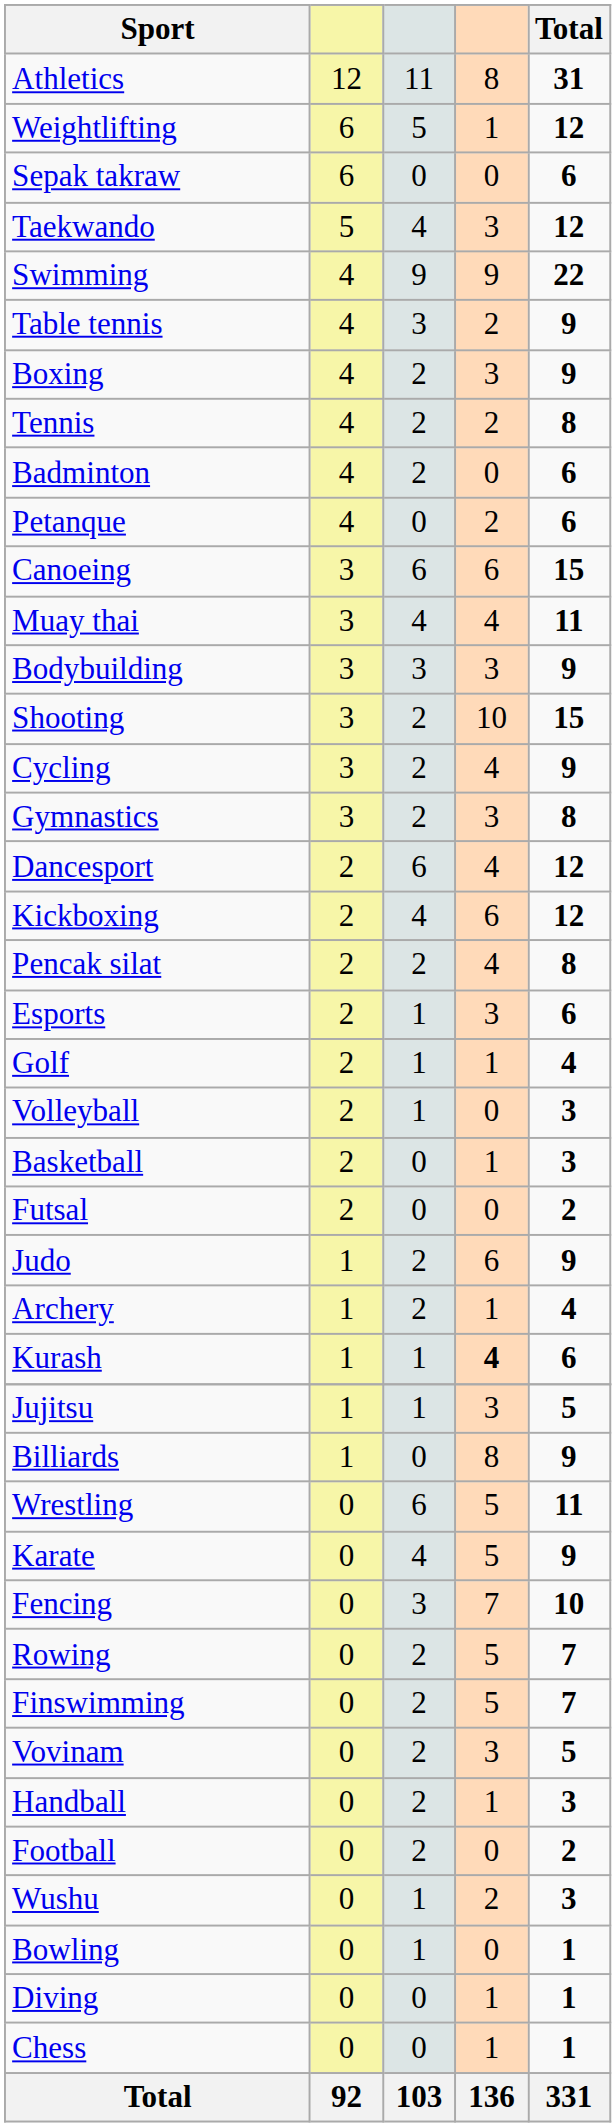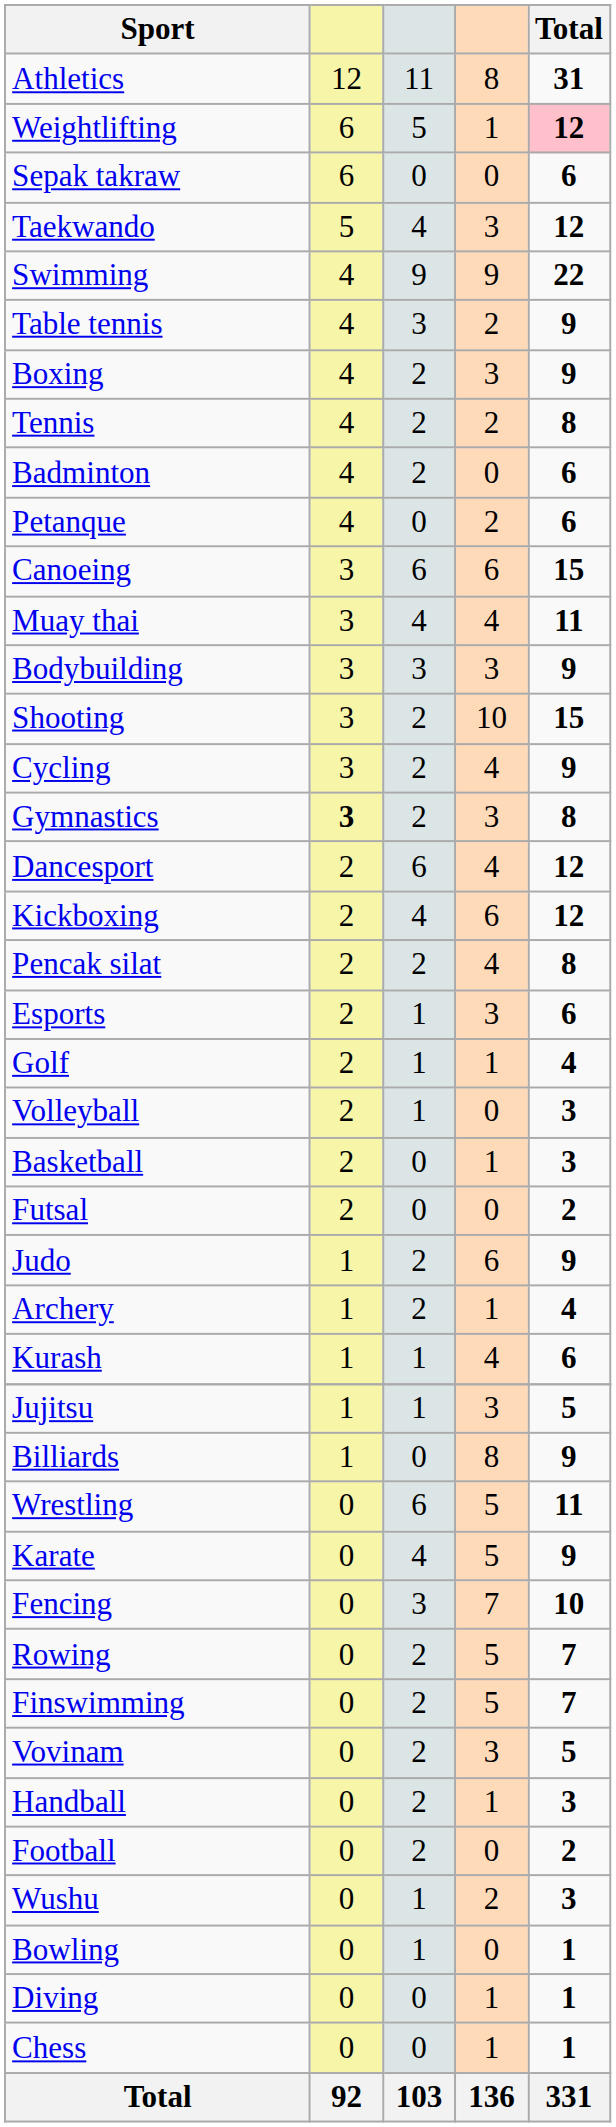 <table class="wikitable sortable" style="font-size:100%; text-align:center;">
 <tr>
 <th width=150>Sport</th>
 <th scope="col" width=30 style="background:#F7F6A8;"></th>
 <th scope="col" width=30 style="background:#DCE5E5;"></th>
 <th scope="col" width=30 style="background:#FFDAB9;"></th>
 <th width=30>Total</th>
 </tr>
 <tr>
 <td align=left> <a href='#'>Athletics</a></td>
 <td style="background:#F7F6A8;">12</td>
 <td style="background:#DCE5E5;">11</td>
 <td style="background:#FFDAB9;">8</td>
 <td><strong>31</strong></td>
 </tr>
 <tr>
 <td align=left> <a href='#'>Weightlifting</a></td>
 <td style="background:#F7F6A8;">6</td>
 <td style="background:#DCE5E5;">5</td>
 <td style="background:#FFDAB9;">1</td>
-<td><strong>12</strong></td>
+<td style="background: pink;"><strong>12</strong></td>
 </tr>
 <tr>
 <td align=left> <a href='#'>Sepak takraw</a></td>
 <td style="background:#F7F6A8;">6</td>
 <td style="background:#DCE5E5;">0</td>
 <td style="background:#FFDAB9;">0</td>
 <td><strong>6</strong></td>
 </tr>
 <tr>
 <td align=left> <a href='#'>Taekwando</a></td>
 <td style="background:#F7F6A8;">5</td>
 <td style="background:#DCE5E5;">4</td>
 <td style="background:#FFDAB9;">3</td>
 <td><strong>12</strong></td>
 </tr>
 <tr>
 <td align=left> <a href='#'>Swimming</a></td>
 <td style="background:#F7F6A8;">4</td>
 <td style="background:#DCE5E5;">9</td>
 <td style="background:#FFDAB9;">9</td>
 <td><strong>22</strong></td>
 </tr>
 <tr>
 <td align=left> <a href='#'>Table tennis</a></td>
 <td style="background:#F7F6A8;">4</td>
 <td style="background:#DCE5E5;">3</td>
 <td style="background:#FFDAB9;">2</td>
 <td><strong>9</strong></td>
 </tr>
 <tr>
 <td align=left> <a href='#'>Boxing</a></td>
 <td style="background:#F7F6A8;">4</td>
 <td style="background:#DCE5E5;">2</td>
 <td style="background:#FFDAB9;">3</td>
 <td><strong>9</strong></td>
 </tr>
 <tr>
 <td align=left> <a href='#'>Tennis</a></td>
 <td style="background:#F7F6A8;">4</td>
 <td style="background:#DCE5E5;">2</td>
 <td style="background:#FFDAB9;">2</td>
 <td><strong>8</strong></td>
 </tr>
 <tr>
 <td align=left> <a href='#'>Badminton</a></td>
 <td style="background:#F7F6A8;">4</td>
 <td style="background:#DCE5E5;">2</td>
 <td style="background:#FFDAB9;">0</td>
 <td><strong>6</strong></td>
 </tr>
 <tr>
 <td align=left> <a href='#'>Petanque</a></td>
 <td style="background:#F7F6A8;">4</td>
 <td style="background:#DCE5E5;">0</td>
 <td style="background:#FFDAB9;">2</td>
 <td><strong>6</strong></td>
 </tr>
 <tr>
 <td align=left> <a href='#'>Canoeing</a></td>
 <td style="background:#F7F6A8;">3</td>
 <td style="background:#DCE5E5;">6</td>
 <td style="background:#FFDAB9;">6</td>
 <td><strong>15</strong></td>
 </tr>
 <tr>
 <td align=left> <a href='#'>Muay thai</a></td>
 <td style="background:#F7F6A8;">3</td>
 <td style="background:#DCE5E5;">4</td>
 <td style="background:#FFDAB9;">4</td>
 <td><strong>11</strong></td>
 </tr>
 <tr>
 <td align=left> <a href='#'>Bodybuilding</a></td>
 <td style="background:#F7F6A8;">3</td>
 <td style="background:#DCE5E5;">3</td>
 <td style="background:#FFDAB9;">3</td>
 <td><strong>9</strong></td>
 </tr>
 <tr>
 <td align=left> <a href='#'>Shooting</a></td>
 <td style="background:#F7F6A8;">3</td>
 <td style="background:#DCE5E5;">2</td>
 <td style="background:#FFDAB9;">10</td>
 <td><strong>15</strong></td>
 </tr>
 <tr>
 <td align=left> <a href='#'>Cycling</a></td>
 <td style="background:#F7F6A8;">3</td>
 <td style="background:#DCE5E5;">2</td>
 <td style="background:#FFDAB9;">4</td>
 <td><strong>9</strong></td>
 </tr>
 <tr>
 <td align=left> <a href='#'>Gymnastics</a></td>
-<td style="background:#F7F6A8;">3</td>
+<td style="background:#F7F6A8;"><strong>3</strong></td>
 <td style="background:#DCE5E5;">2</td>
 <td style="background:#FFDAB9;">3</td>
 <td><strong>8</strong></td>
 </tr>
 <tr>
 <td align=left> <a href='#'>Dancesport</a></td>
 <td style="background:#F7F6A8;">2</td>
 <td style="background:#DCE5E5;">6</td>
 <td style="background:#FFDAB9;">4</td>
 <td><strong>12</strong></td>
 </tr>
 <tr>
 <td align=left> <a href='#'>Kickboxing</a></td>
 <td style="background:#F7F6A8;">2</td>
 <td style="background:#DCE5E5;">4</td>
 <td style="background:#FFDAB9;">6</td>
 <td><strong>12</strong></td>
 </tr>
 <tr>
 <td align=left> <a href='#'>Pencak silat</a></td>
 <td style="background:#F7F6A8;">2</td>
 <td style="background:#DCE5E5;">2</td>
 <td style="background:#FFDAB9;">4</td>
 <td><strong>8</strong></td>
 </tr>
 <tr>
 <td align=left> <a href='#'>Esports</a></td>
 <td style="background:#F7F6A8;">2</td>
 <td style="background:#DCE5E5;">1</td>
 <td style="background:#FFDAB9;">3</td>
 <td><strong>6</strong></td>
 </tr>
 <tr>
 <td align=left> <a href='#'>Golf</a></td>
 <td style="background:#F7F6A8;">2</td>
 <td style="background:#DCE5E5;">1</td>
 <td style="background:#FFDAB9;">1</td>
 <td><strong>4</strong></td>
 </tr>
 <tr>
 <td align=left> <a href='#'>Volleyball</a></td>
 <td style="background:#F7F6A8;">2</td>
 <td style="background:#DCE5E5;">1</td>
 <td style="background:#FFDAB9;">0</td>
 <td><strong>3</strong></td>
 </tr>
 <tr>
 <td align=left> <a href='#'>Basketball</a></td>
 <td style="background:#F7F6A8;">2</td>
 <td style="background:#DCE5E5;">0</td>
 <td style="background:#FFDAB9;">1</td>
 <td><strong>3</strong></td>
 </tr>
 <tr>
 <td align=left> <a href='#'>Futsal</a></td>
 <td style="background:#F7F6A8;">2</td>
 <td style="background:#DCE5E5;">0</td>
 <td style="background:#FFDAB9;">0</td>
 <td><strong>2</strong></td>
 </tr>
 <tr>
 <td align=left> <a href='#'>Judo</a></td>
 <td style="background:#F7F6A8;">1</td>
 <td style="background:#DCE5E5;">2</td>
 <td style="background:#FFDAB9;">6</td>
 <td><strong>9</strong></td>
 </tr>
 <tr>
 <td align=left> <a href='#'>Archery</a></td>
 <td style="background:#F7F6A8;">1</td>
 <td style="background:#DCE5E5;">2</td>
 <td style="background:#FFDAB9;">1</td>
 <td><strong>4</strong></td>
 </tr>
 <tr>
 <td align=left> <a href='#'>Kurash</a></td>
 <td style="background:#F7F6A8;">1</td>
 <td style="background:#DCE5E5;">1</td>
-<td style="background:#FFDAB9;"><strong>4</strong></td>
+<td style="background:#FFDAB9;">4</td>
 <td><strong>6</strong></td>
 </tr>
 <tr>
 </tr>
 <tr>
 <td align=left> <a href='#'>Jujitsu</a></td>
 <td style="background:#F7F6A8;">1</td>
 <td style="background:#DCE5E5;">1</td>
 <td style="background:#FFDAB9;">3</td>
 <td><strong>5</strong></td>
 </tr>
 <tr>
 <td align=left> <a href='#'>Billiards</a></td>
 <td style="background:#F7F6A8;">1</td>
 <td style="background:#DCE5E5;">0</td>
 <td style="background:#FFDAB9;">8</td>
 <td><strong>9</strong></td>
 </tr>
 <tr>
 <td align=left> <a href='#'>Wrestling</a></td>
 <td style="background:#F7F6A8;">0</td>
 <td style="background:#DCE5E5;">6</td>
 <td style="background:#FFDAB9;">5</td>
 <td><strong>11</strong></td>
 </tr>
 <tr>
 <td align=left> <a href='#'>Karate</a></td>
 <td style="background:#F7F6A8;">0</td>
 <td style="background:#DCE5E5;">4</td>
 <td style="background:#FFDAB9;">5</td>
 <td><strong>9</strong></td>
 </tr>
 <tr>
 <td align=left> <a href='#'>Fencing</a></td>
 <td style="background:#F7F6A8;">0</td>
 <td style="background:#DCE5E5;">3</td>
 <td style="background:#FFDAB9;">7</td>
 <td><strong>10</strong></td>
 </tr>
 <tr>
 <td align=left> <a href='#'>Rowing</a></td>
 <td style="background:#F7F6A8;">0</td>
 <td style="background:#DCE5E5;">2</td>
 <td style="background:#FFDAB9;">5</td>
 <td><strong>7</strong></td>
 </tr>
 <tr>
 <td align=left> <a href='#'>Finswimming</a></td>
 <td style="background:#F7F6A8;">0</td>
 <td style="background:#DCE5E5;">2</td>
 <td style="background:#FFDAB9;">5</td>
 <td><strong>7</strong></td>
 </tr>
 <tr>
 <td align=left> <a href='#'>Vovinam</a></td>
 <td style="background:#F7F6A8;">0</td>
 <td style="background:#DCE5E5;">2</td>
 <td style="background:#FFDAB9;">3</td>
 <td><strong>5</strong></td>
 </tr>
 <tr>
 <td align=left> <a href='#'>Handball</a></td>
 <td style="background:#F7F6A8;">0</td>
 <td style="background:#DCE5E5;">2</td>
 <td style="background:#FFDAB9;">1</td>
 <td><strong>3</strong></td>
 </tr>
 <tr>
 <td align=left> <a href='#'>Football</a></td>
 <td style="background:#F7F6A8;">0</td>
 <td style="background:#DCE5E5;">2</td>
 <td style="background:#FFDAB9;">0</td>
 <td><strong>2</strong></td>
 </tr>
 <tr>
 <td align=left> <a href='#'>Wushu</a></td>
 <td style="background:#F7F6A8;">0</td>
 <td style="background:#DCE5E5;">1</td>
 <td style="background:#FFDAB9;">2</td>
 <td><strong>3</strong></td>
 </tr>
 <tr>
 <td align=left> <a href='#'>Bowling</a></td>
 <td style="background:#F7F6A8;">0</td>
 <td style="background:#DCE5E5;">1</td>
 <td style="background:#FFDAB9;">0</td>
 <td><strong>1</strong></td>
 </tr>
 <tr>
 <td align=left> <a href='#'>Diving</a></td>
 <td style="background:#F7F6A8;">0</td>
 <td style="background:#DCE5E5;">0</td>
 <td style="background:#FFDAB9;">1</td>
 <td><strong>1</strong></td>
 </tr>
 <tr>
 <td align=left> <a href='#'>Chess</a></td>
 <td style="background:#F7F6A8;">0</td>
 <td style="background:#DCE5E5;">0</td>
 <td style="background:#FFDAB9;">1</td>
 <td><strong>1</strong></td>
 </tr>
 <tr class="sortbottom">
 <th>Total</th>
 <th>92</th>
 <th>103</th>
 <th>136</th>
 <th>331</th>
 </tr>
 </table>
